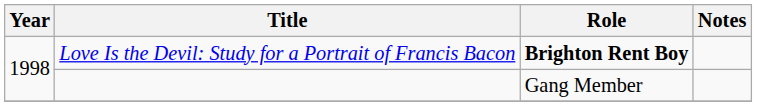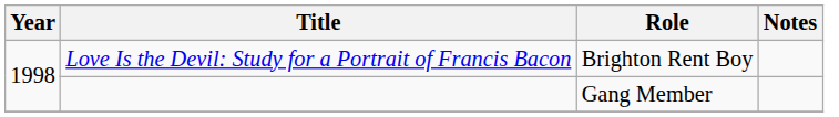 <table class="wikitable sortable">
 <tr>
 <th>Year</th>
 <th>Title</th>
 <th>Role</th>
 <th>Notes</th>
 </tr>
 <tr>
 <td rowspan="2">1998</td>
 <td><em><a href='#'>Love Is the Devil: Study for a Portrait of Francis Bacon</a></em></td>
-<td><strong>Brighton Rent Boy</strong></td>
+<td>Brighton Rent Boy</td>
 <td></td>
 </tr>
 <tr>
 <td><em></em></td>
 <td>Gang Member</td>
 <td></td>
 </tr>
 <tr>
 </tr>
 </table>
